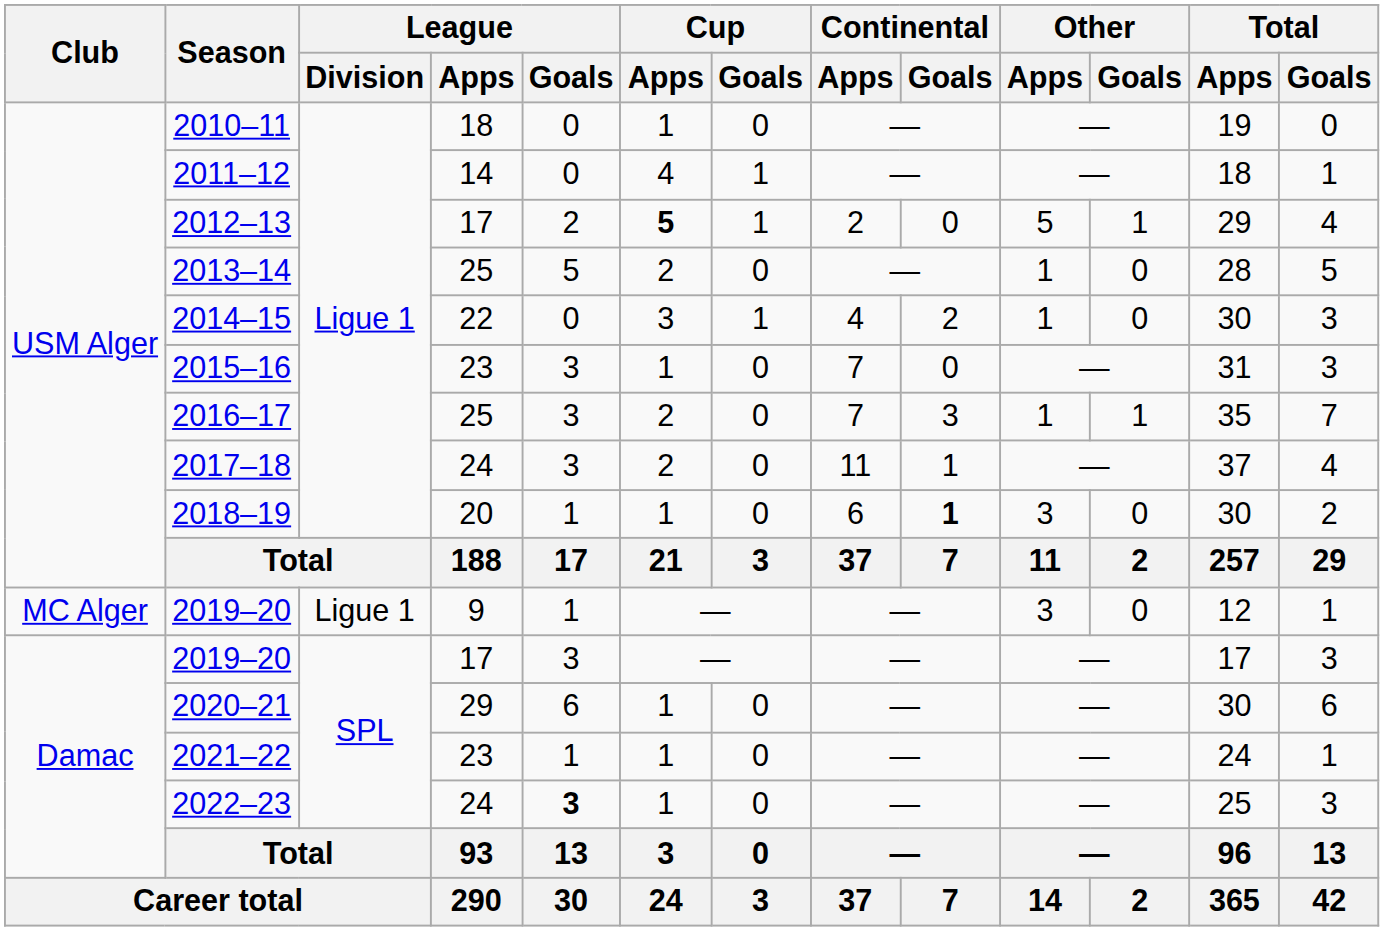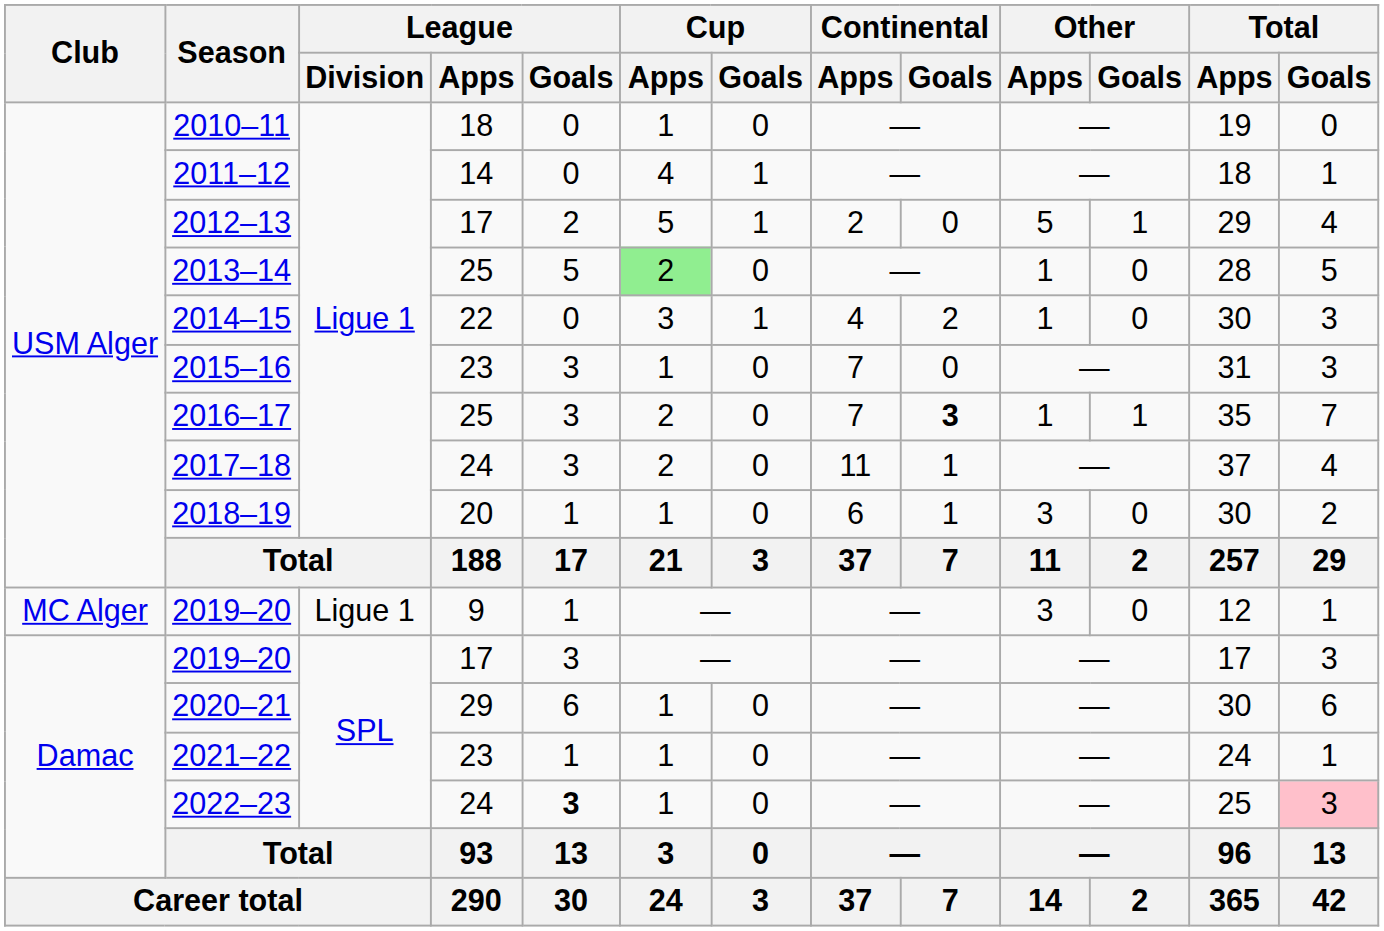 <table class="wikitable" style="text-align:center">
 <tr>
 <th rowspan="2">Club</th>
 <th rowspan="2">Season</th>
 <th colspan="3">League</th>
 <th colspan="2">Cup</th>
 <th colspan="2">Continental</th>
 <th colspan="2">Other</th>
 <th colspan="2">Total</th>
 </tr>
 <tr>
 <th>Division</th>
 <th>Apps</th>
 <th>Goals</th>
 <th>Apps</th>
 <th>Goals</th>
 <th>Apps</th>
 <th>Goals</th>
 <th>Apps</th>
 <th>Goals</th>
 <th>Apps</th>
 <th>Goals</th>
 </tr>
 <tr>
 <td rowspan="10"><a href='#'>USM Alger</a></td>
 <td><a href='#'>2010–11</a></td>
 <td rowspan="9"><a href='#'>Ligue 1</a></td>
 <td>18</td>
 <td>0</td>
 <td>1</td>
 <td>0</td>
 <td colspan="2">—</td>
 <td colspan="2">—</td>
 <td>19</td>
 <td>0</td>
 </tr>
 <tr>
 <td><a href='#'>2011–12</a></td>
 <td>14</td>
 <td>0</td>
 <td>4</td>
 <td>1</td>
 <td colspan="2">—</td>
 <td colspan="2">—</td>
 <td>18</td>
 <td>1</td>
 </tr>
 <tr>
 <td><a href='#'>2012–13</a></td>
 <td>17</td>
 <td>2</td>
-<td><strong>5</strong></td>
+<td>5</td>
 <td>1</td>
 <td>2</td>
 <td>0</td>
 <td>5</td>
 <td>1</td>
 <td>29</td>
 <td>4</td>
 </tr>
 <tr>
 <td><a href='#'>2013–14</a></td>
 <td>25</td>
 <td>5</td>
-<td>2</td>
+<td style="background: lightgreen;">2</td>
 <td>0</td>
 <td colspan="2">—</td>
 <td>1</td>
 <td>0</td>
 <td>28</td>
 <td>5</td>
 </tr>
 <tr>
 <td><a href='#'>2014–15</a></td>
 <td>22</td>
 <td>0</td>
 <td>3</td>
 <td>1</td>
 <td>4</td>
 <td>2</td>
 <td>1</td>
 <td>0</td>
 <td>30</td>
 <td>3</td>
 </tr>
 <tr>
 <td><a href='#'>2015–16</a></td>
 <td>23</td>
 <td>3</td>
 <td>1</td>
 <td>0</td>
 <td>7</td>
 <td>0</td>
 <td colspan="2">—</td>
 <td>31</td>
 <td>3</td>
 </tr>
 <tr>
 <td><a href='#'>2016–17</a></td>
 <td>25</td>
 <td>3</td>
 <td>2</td>
 <td>0</td>
 <td>7</td>
-<td>3</td>
+<td><strong>3</strong></td>
 <td>1</td>
 <td>1</td>
 <td>35</td>
 <td>7</td>
 </tr>
 <tr>
 <td><a href='#'>2017–18</a></td>
 <td>24</td>
 <td>3</td>
 <td>2</td>
 <td>0</td>
 <td>11</td>
 <td>1</td>
 <td colspan="2">—</td>
 <td>37</td>
 <td>4</td>
 </tr>
 <tr>
 <td><a href='#'>2018–19</a></td>
 <td>20</td>
 <td>1</td>
 <td>1</td>
 <td>0</td>
 <td>6</td>
-<td><strong>1</strong></td>
+<td>1</td>
 <td>3</td>
 <td>0</td>
 <td>30</td>
 <td>2</td>
 </tr>
 <tr>
 <th colspan="2">Total</th>
 <th>188</th>
 <th>17</th>
 <th>21</th>
 <th>3</th>
 <th>37</th>
 <th>7</th>
 <th>11</th>
 <th>2</th>
 <th>257</th>
 <th>29</th>
 </tr>
 <tr>
 <td><a href='#'>MC Alger</a></td>
 <td><a href='#'>2019–20</a></td>
 <td>Ligue 1</td>
 <td>9</td>
 <td>1</td>
 <td colspan="2">—</td>
 <td colspan="2">—</td>
 <td>3</td>
 <td>0</td>
 <td>12</td>
 <td>1</td>
 </tr>
 <tr>
 <td rowspan="5"><a href='#'>Damac</a></td>
 <td><a href='#'>2019–20</a></td>
 <td rowspan="4"><a href='#'>SPL</a></td>
 <td>17</td>
 <td>3</td>
 <td colspan="2">—</td>
 <td colspan="2">—</td>
 <td colspan="2">—</td>
 <td>17</td>
 <td>3</td>
 </tr>
 <tr>
 <td><a href='#'>2020–21</a></td>
 <td>29</td>
 <td>6</td>
 <td>1</td>
 <td>0</td>
 <td colspan="2">—</td>
 <td colspan="2">—</td>
 <td>30</td>
 <td>6</td>
 </tr>
 <tr>
 <td><a href='#'>2021–22</a></td>
 <td>23</td>
 <td>1</td>
 <td>1</td>
 <td>0</td>
 <td colspan="2">—</td>
 <td colspan="2">—</td>
 <td>24</td>
 <td>1</td>
 </tr>
 <tr>
 <td><a href='#'>2022–23</a></td>
 <td>24</td>
 <td><strong>3</strong></td>
 <td>1</td>
 <td>0</td>
 <td colspan="2">—</td>
 <td colspan="2">—</td>
 <td>25</td>
-<td>3</td>
+<td style="background: pink;">3</td>
 </tr>
 <tr>
 <th colspan="2">Total</th>
 <th>93</th>
 <th>13</th>
 <th>3</th>
 <th>0</th>
 <th colspan="2">—</th>
 <th colspan="2">—</th>
 <th>96</th>
 <th>13</th>
 </tr>
 <tr>
 <th colspan="3">Career total</th>
 <th>290</th>
 <th>30</th>
 <th>24</th>
 <th>3</th>
 <th>37</th>
 <th>7</th>
 <th>14</th>
 <th>2</th>
 <th>365</th>
 <th>42</th>
 </tr>
 </table>
